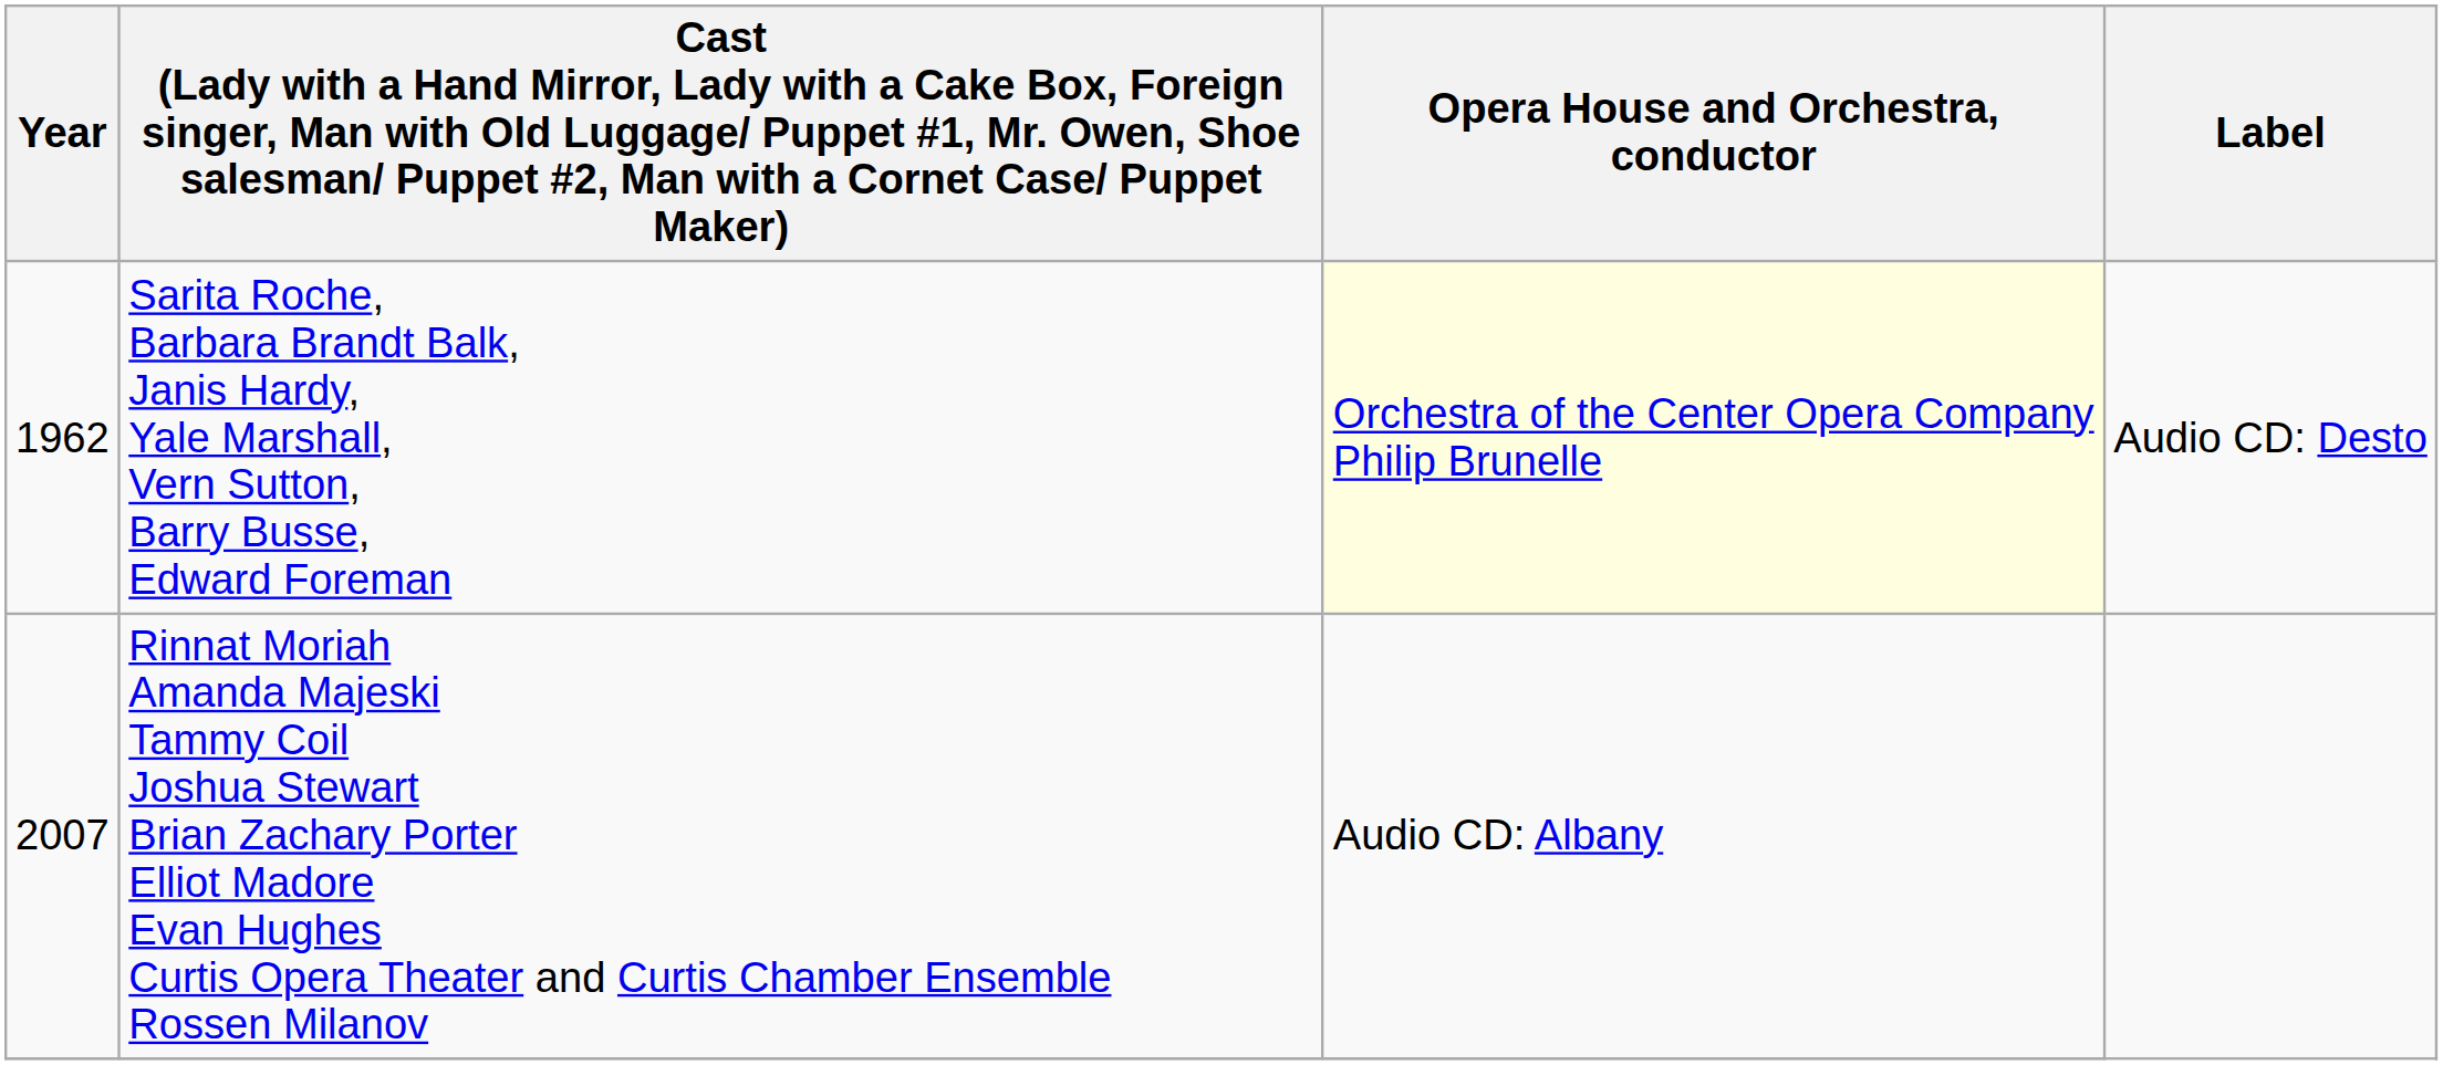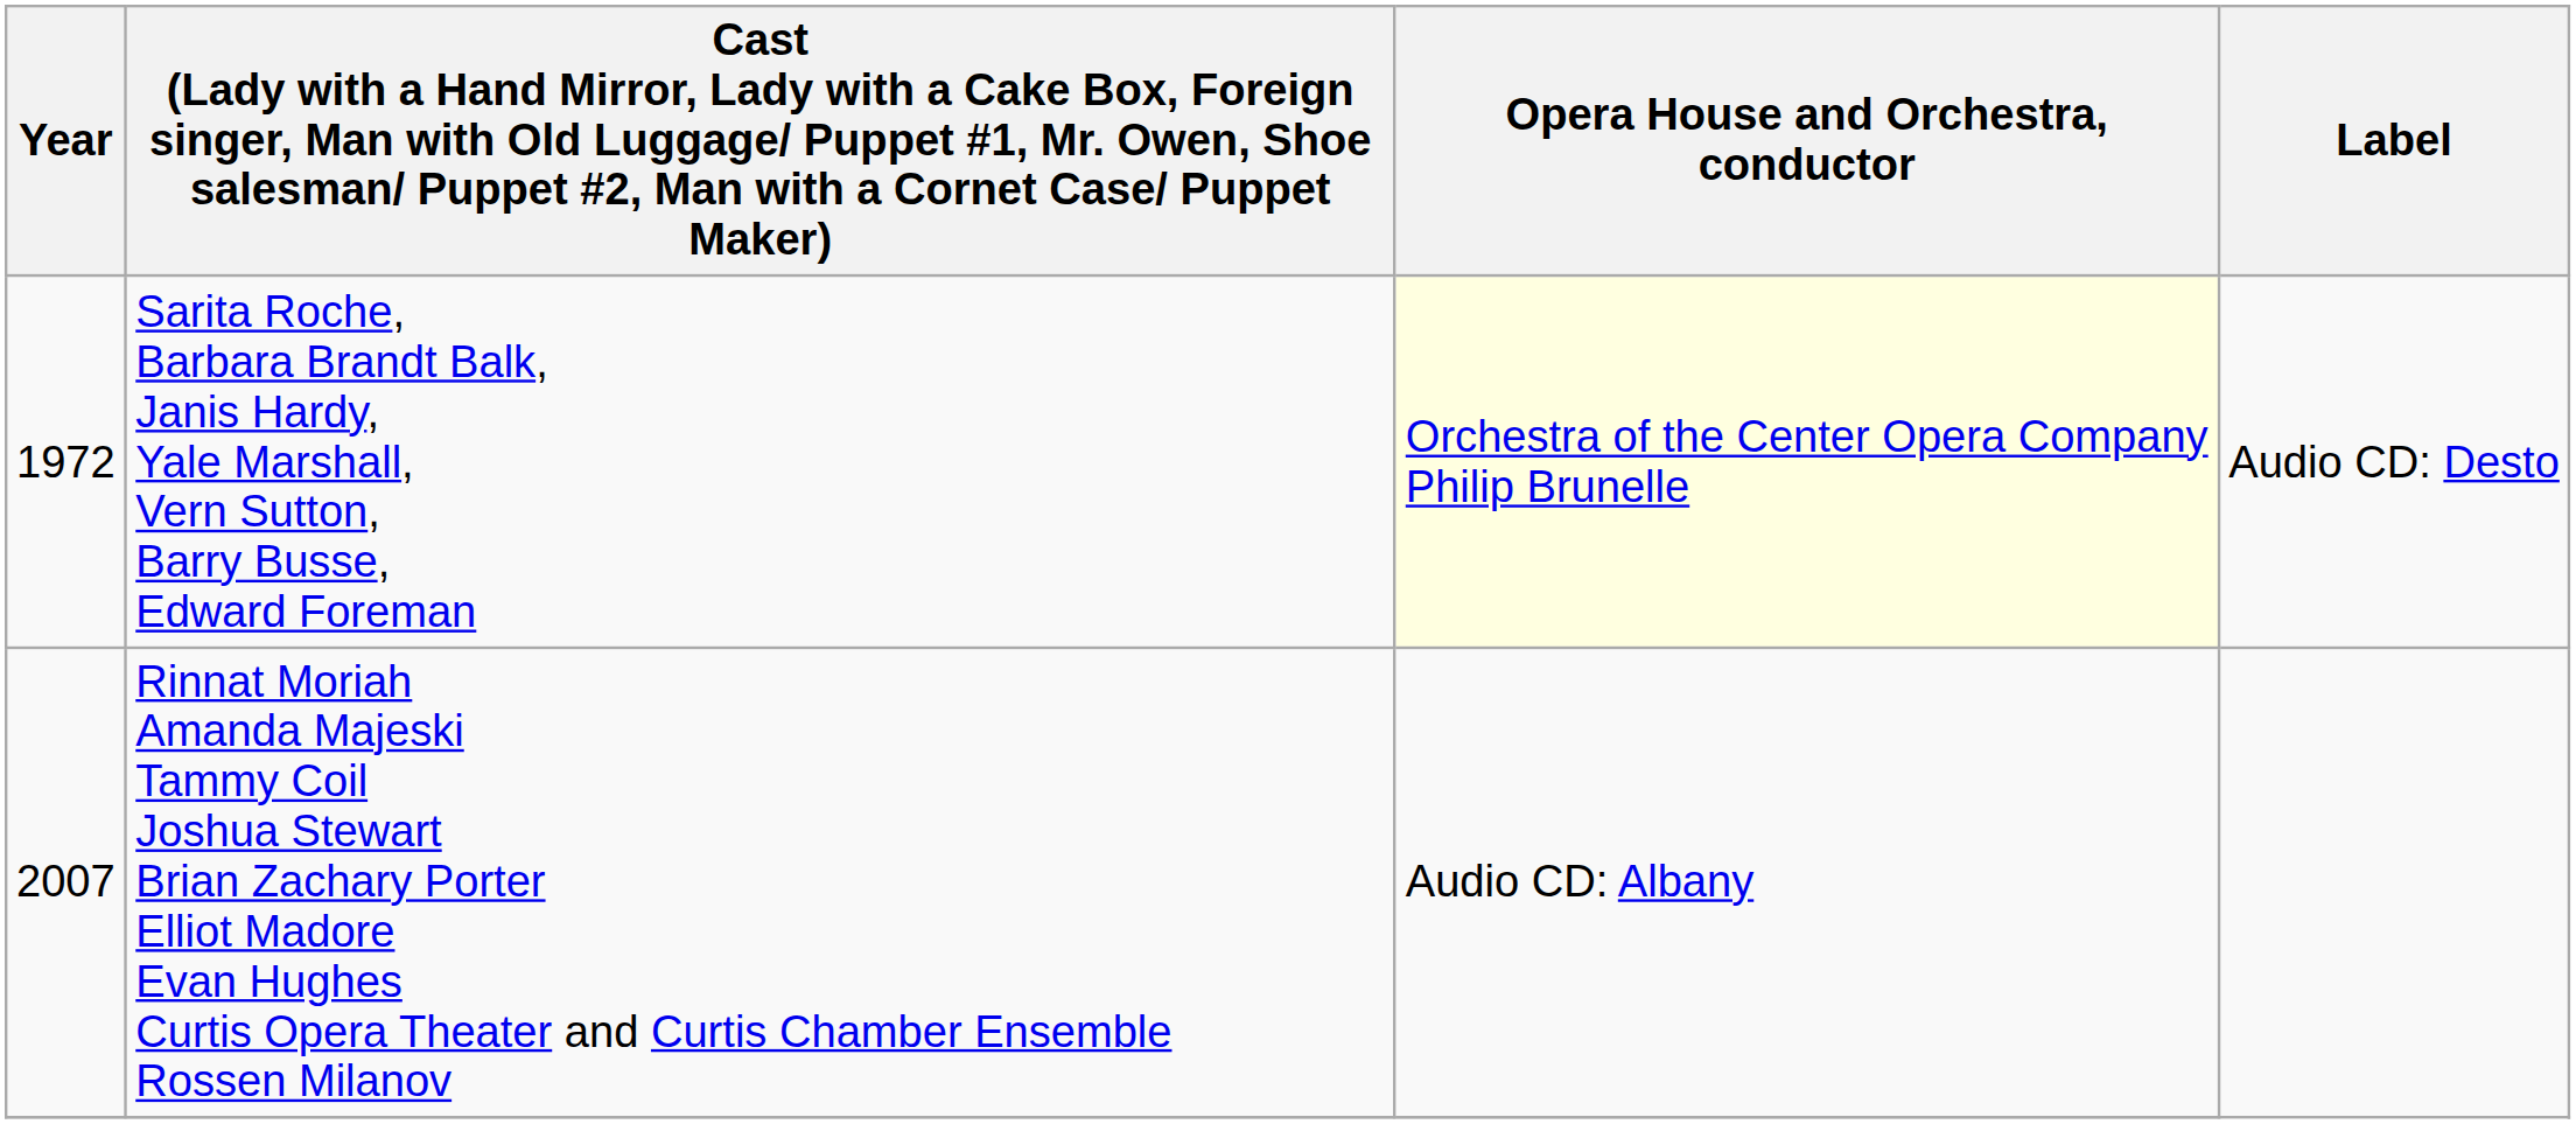 <table class="wikitable">
 <tr>
 <th>Year</th>
 <th width="450">Cast<br>(Lady with a Hand Mirror, Lady with a Cake Box, Foreign singer, Man with Old Luggage/ Puppet #1, Mr. Owen, Shoe salesman/ Puppet #2, Man with a Cornet Case/ Puppet Maker)</th>
 <th>Opera House and Orchestra,<br>conductor</th>
 <th>Label</th>
 </tr>
 <tr>
-<td>1962</td>
+<td>1972</td>
 <td><a href='#'>Sarita Roche</a>,<br><a href='#'>Barbara Brandt Balk</a>,<br><a href='#'>Janis Hardy</a>,<br><a href='#'>Yale Marshall</a>,<br><a href='#'>Vern Sutton</a>,<br><a href='#'>Barry Busse</a>,<br><a href='#'>Edward Foreman</a></td>
 <td style="background: lightyellow;"><a href='#'>Orchestra of the Center Opera Company</a><br><a href='#'>Philip Brunelle</a><br></td>
 <td>Audio CD: <a href='#'>Desto</a></td>
 </tr>
 <tr>
 <td>2007</td>
 <td><a href='#'>Rinnat Moriah</a><br><a href='#'>Amanda Majeski</a><br><a href='#'>Tammy Coil</a><br><a href='#'>Joshua Stewart</a><br><a href='#'>Brian Zachary Porter</a><br><a href='#'>Elliot Madore</a><br><a href='#'>Evan Hughes</a><br><a href='#'>Curtis Opera Theater</a> and <a href='#'>Curtis Chamber Ensemble</a><br><a href='#'>Rossen Milanov</a></td>
 <td>Audio CD: <a href='#'>Albany</a></td>
 </tr>
 <tr>
 </tr>
 </table>
